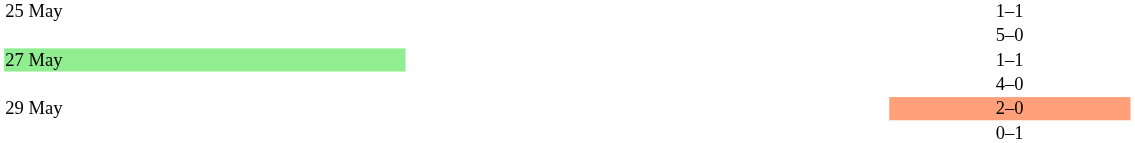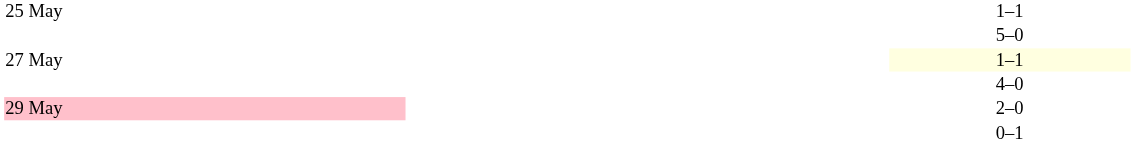 <table cellspacing=1 width=70%>
 <tr>
 <th width=25%></th>
 <th width=30%></th>
 <th width=15%></th>
 <th width=30%></th>
 </tr>
 <tr>
 <td>25 May</td>
 <td align=right></td>
 <td align=center>1–1</td>
 <td></td>
 </tr>
 <tr>
 <td></td>
 <td align=right></td>
 <td align=center>5–0</td>
 <td></td>
 </tr>
 <tr>
-<td style="background: lightgreen;">27 May</td>
+<td>27 May</td>
 <td align=right></td>
-<td align=center>1–1</td>
+<td align=center style="background: lightyellow;">1–1</td>
 <td></td>
 </tr>
 <tr>
 <td></td>
 <td align=right></td>
 <td align=center>4–0</td>
 <td></td>
 </tr>
 <tr>
-<td>29 May</td>
+<td style="background: pink;">29 May</td>
 <td align=right></td>
-<td align=center style="background: lightsalmon;">2–0</td>
+<td align=center>2–0</td>
 <td></td>
 </tr>
 <tr>
 <td></td>
 <td align=right></td>
 <td align=center>0–1</td>
 <td></td>
 </tr>
 </table>
